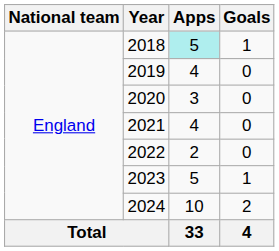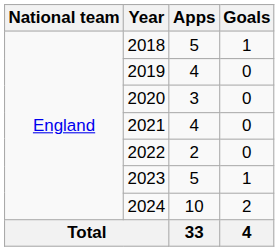 <table class="wikitable" style="text-align: center;">
 <tr>
 <th>National team</th>
 <th>Year</th>
 <th>Apps</th>
 <th>Goals</th>
 </tr>
 <tr>
 <td rowspan="7"><a href='#'>England</a></td>
 <td>2018</td>
-<td style="background: paleturquoise;">5</td>
+<td>5</td>
 <td>1</td>
 </tr>
 <tr>
 <td>2019</td>
 <td>4</td>
 <td>0</td>
 </tr>
 <tr>
 <td>2020</td>
 <td>3</td>
 <td>0</td>
 </tr>
 <tr>
 <td>2021</td>
 <td>4</td>
 <td>0</td>
 </tr>
 <tr>
 <td>2022</td>
 <td>2</td>
 <td>0</td>
 </tr>
 <tr>
 <td>2023</td>
 <td>5</td>
 <td>1</td>
 </tr>
 <tr>
 <td>2024</td>
 <td>10</td>
 <td>2</td>
 </tr>
 <tr>
 <th colspan="2">Total</th>
 <th>33</th>
 <th>4</th>
 </tr>
 </table>
